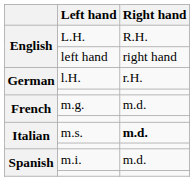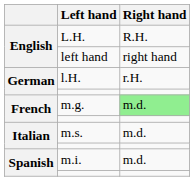 <table class="wikitable">
 <tr>
 <th></th>
 <th>Left hand</th>
 <th>Right hand</th>
 </tr>
 <tr>
 <th rowspan="2">English</th>
 <td>L.H.</td>
 <td>R.H.</td>
 </tr>
 <tr>
 <td>left hand</td>
 <td>right hand</td>
 </tr>
 <tr>
 <th rowspan="2">German</th>
 <td>l.H.</td>
 <td>r.H.</td>
 </tr>
 <tr>
 <td></td>
 <td></td>
 </tr>
 <tr>
 <th rowspan="2">French</th>
 <td>m.g.</td>
-<td>m.d.</td>
+<td style="background: lightgreen;">m.d.</td>
 </tr>
 <tr>
 <td></td>
 <td></td>
 </tr>
 <tr>
 <th rowspan="2">Italian</th>
 <td>m.s.</td>
-<td><strong>m.d.</strong></td>
+<td>m.d.</td>
 </tr>
 <tr>
 <td></td>
 <td></td>
 </tr>
 <tr>
 <th rowspan="2">Spanish</th>
 <td>m.i.</td>
 <td>m.d.</td>
 </tr>
 <tr>
 <td></td>
 <td></td>
 </tr>
 </table>
